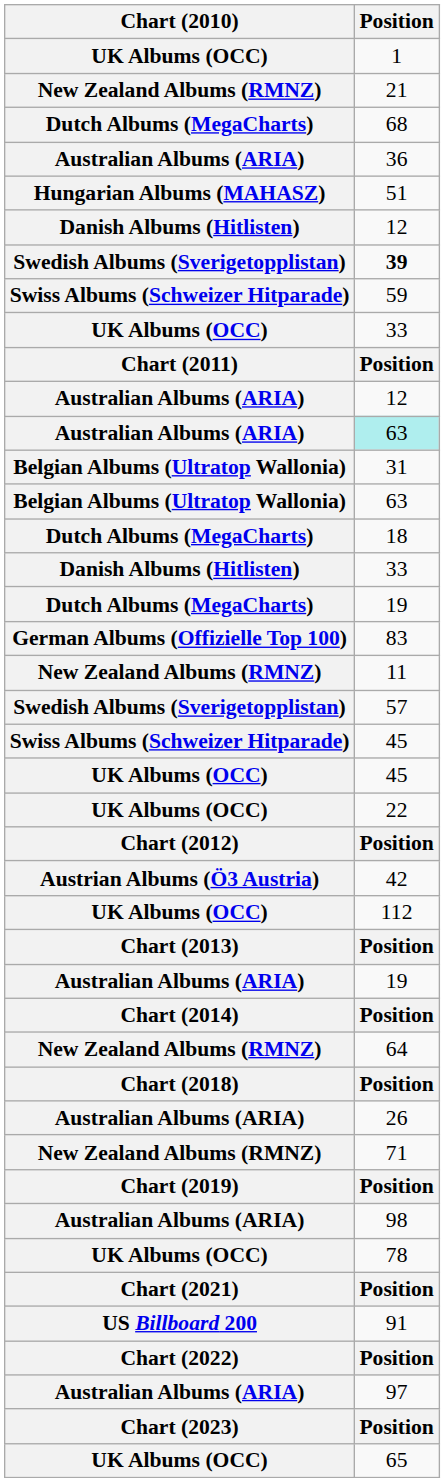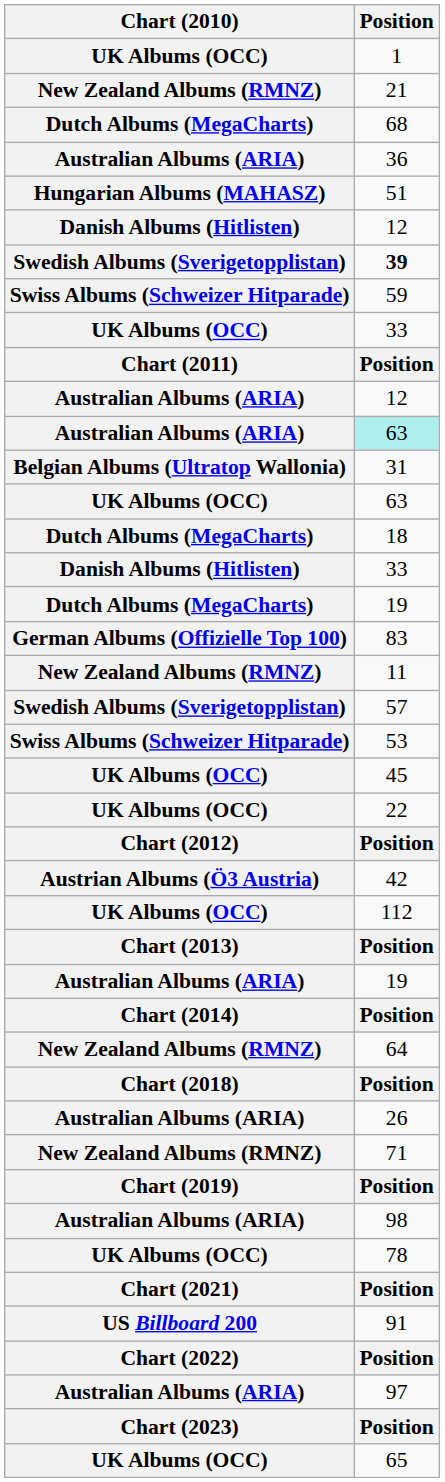 <table class="wikitable sortable plainrowheaders" style="text-align:center;">
 <tr>
 <th scope="col">Chart (2010)</th>
 <th scope="col">Position</th>
 </tr>
 <tr>
 <th scope="row">UK Albums (OCC)</th>
 <td style="text-align:center;">1</td>
 </tr>
 <tr>
 <th scope="row">New Zealand Albums (<a href='#'>RMNZ</a>)</th>
 <td style="text-align:center;">21</td>
 </tr>
 <tr>
 <th scope="row">Dutch Albums (<a href='#'>MegaCharts</a>)</th>
 <td style="text-align:center;">68</td>
 </tr>
 <tr>
 <th scope="row">Australian Albums (<a href='#'>ARIA</a>)</th>
 <td style="text-align:center;">36</td>
 </tr>
 <tr>
 <th scope="row">Hungarian Albums (<a href='#'>MAHASZ</a>)</th>
 <td align="center">51</td>
 </tr>
 <tr>
 <th scope="row">Danish Albums (<a href='#'>Hitlisten</a>)</th>
 <td style="text-align:center;">12</td>
 </tr>
 <tr>
 <th scope="row">Swedish Albums (<a href='#'>Sverigetopplistan</a>)</th>
 <td style="text-align:center;"><strong>39</strong></td>
 </tr>
 <tr>
 <th scope="row">Swiss Albums (<a href='#'>Schweizer Hitparade</a>)</th>
 <td style="text-align:center;">59</td>
 </tr>
 <tr>
 <th scope="row">UK Albums (<a href='#'>OCC</a>)</th>
 <td style="text-align:center;">33</td>
 </tr>
 <tr>
 <th scope="col">Chart (2011)</th>
 <th scope="col">Position</th>
 </tr>
 <tr>
 <th scope="row">Australian Albums (<a href='#'>ARIA</a>)</th>
 <td style="text-align:center;">12</td>
 </tr>
 <tr>
 <th scope="row">Australian Albums (<a href='#'>ARIA</a>)</th>
 <td style="background: paleturquoise; text-align:center;">63</td>
 </tr>
 <tr>
 <th scope="row">Belgian Albums (<a href='#'>Ultratop</a> Wallonia)</th>
 <td style="text-align:center;">31</td>
 </tr>
 <tr>
-<th scope="row">Belgian Albums (<a href='#'>Ultratop</a> Wallonia)</th>
+<th scope="row">UK Albums (OCC)</th>
 <td style="text-align:center;">63</td>
 </tr>
 <tr>
 <th scope="row">Dutch Albums (<a href='#'>MegaCharts</a>)</th>
 <td style="text-align:center;">18</td>
 </tr>
 <tr>
 <th scope="row">Danish Albums (<a href='#'>Hitlisten</a>)</th>
 <td style="text-align:center;">33</td>
 </tr>
 <tr>
 <th scope="row">Dutch Albums (<a href='#'>MegaCharts</a>)</th>
 <td style="text-align:center;">19</td>
 </tr>
 <tr>
 <th scope="row">German Albums (<a href='#'>Offizielle Top 100</a>)</th>
 <td style="text-align:center;">83</td>
 </tr>
 <tr>
 <th scope="row">New Zealand Albums (<a href='#'>RMNZ</a>)</th>
 <td style="text-align:center;">11</td>
 </tr>
 <tr>
 <th scope="row">Swedish Albums (<a href='#'>Sverigetopplistan</a>)</th>
 <td style="text-align:center;">57</td>
 </tr>
 <tr>
 <th scope="row">Swiss Albums (<a href='#'>Schweizer Hitparade</a>)</th>
-<td style="text-align:center;">45</td>
+<td style="text-align:center;">53</td>
 </tr>
 <tr>
 <th scope="row">UK Albums (<a href='#'>OCC</a>)</th>
 <td style="text-align:center;">45</td>
 </tr>
 <tr>
 <th scope="row">UK Albums (OCC)</th>
 <td style="text-align:center;">22</td>
 </tr>
 <tr>
 <th>Chart (2012)</th>
 <th>Position</th>
 </tr>
 <tr>
 <th scope="row">Austrian Albums (<a href='#'>Ö3 Austria</a>)</th>
 <td>42</td>
 </tr>
 <tr>
 <th scope="row">UK Albums (<a href='#'>OCC</a>)</th>
 <td>112</td>
 </tr>
 <tr>
 <th>Chart (2013)</th>
 <th>Position</th>
 </tr>
 <tr>
 <th scope="row">Australian Albums (<a href='#'>ARIA</a>)</th>
 <td>19</td>
 </tr>
 <tr>
 <th>Chart (2014)</th>
 <th>Position</th>
 </tr>
 <tr>
 <th scope="row">New Zealand Albums (<a href='#'>RMNZ</a>)</th>
 <td align="center">64</td>
 </tr>
 <tr>
 <th>Chart (2018)</th>
 <th>Position</th>
 </tr>
 <tr>
 <th scope="row">Australian Albums (ARIA)</th>
 <td>26</td>
 </tr>
 <tr>
 <th scope="row">New Zealand Albums (RMNZ)</th>
 <td>71</td>
 </tr>
 <tr>
 <th>Chart (2019)</th>
 <th>Position</th>
 </tr>
 <tr>
 <th scope="row">Australian Albums (ARIA)</th>
 <td>98</td>
 </tr>
 <tr>
 <th scope="row">UK Albums (OCC)</th>
 <td>78</td>
 </tr>
 <tr>
 <th>Chart (2021)</th>
 <th>Position</th>
 </tr>
 <tr>
 <th scope="row">US <a href='#'><em>Billboard</em> 200</a></th>
 <td>91</td>
 </tr>
 <tr>
 <th>Chart (2022)</th>
 <th>Position</th>
 </tr>
 <tr>
 <th scope="row">Australian Albums (<a href='#'>ARIA</a>)</th>
 <td>97</td>
 </tr>
 <tr>
 <th>Chart (2023)</th>
 <th>Position</th>
 </tr>
 <tr>
 <th scope="row">UK Albums (OCC)</th>
 <td>65</td>
 </tr>
 </table>
